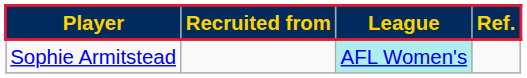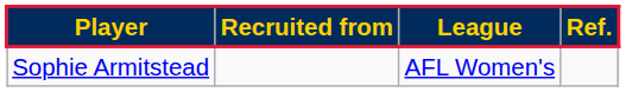 <table class="wikitable" style="font-size:90%; text-align:center;">
 <tr style="background:#002B5C; color: #FFD200; border: solid #E21937 2px;">
 <td><span><strong>Player</strong></span></td>
 <td><span><strong>Recruited from</strong></span></td>
 <td><span><strong>League</strong></span></td>
 <td><span><strong>Ref.</strong></span></td>
 </tr>
 <tr>
 <td><a href='#'>Sophie Armitstead</a></td>
 <td></td>
-<td style="background: paleturquoise;"><a href='#'>AFL Women's</a></td>
+<td><a href='#'>AFL Women's</a></td>
 <td></td>
 </tr>
 </table>
